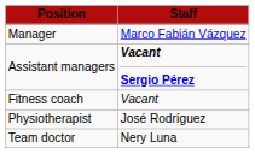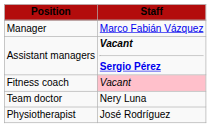 <table class="wikitable">
 <tr>
 <th style=background-color:#B30C0C;color:black>Position</th>
 <th style=background-color:#B30C0C;color:black>Staff</th>
 </tr>
 <tr>
 </tr>
 <tr>
 <td>Manager</td>
 <td> <a href='#'>Marco Fabián Vázquez</a></td>
 </tr>
 <tr>
 <td>Assistant managers</td>
 <td><strong><em>Vacant</em><hr> <a href='#'>Sergio Pérez</a></strong></td>
 </tr>
 <tr>
 <td>Fitness coach</td>
-<td><em>Vacant</em></td>
+<td style="background: pink;"><em>Vacant</em></td>
+</tr>
+<tr>
+<td>Team doctor</td>
+<td> Nery Luna</td>
 </tr>
 <tr>
 <td>Physiotherapist</td>
 <td> José Rodríguez</td>
 </tr>
-<tr>
-<td>Team doctor</td>
-<td> Nery Luna</td>
-</tr>
 </table>
